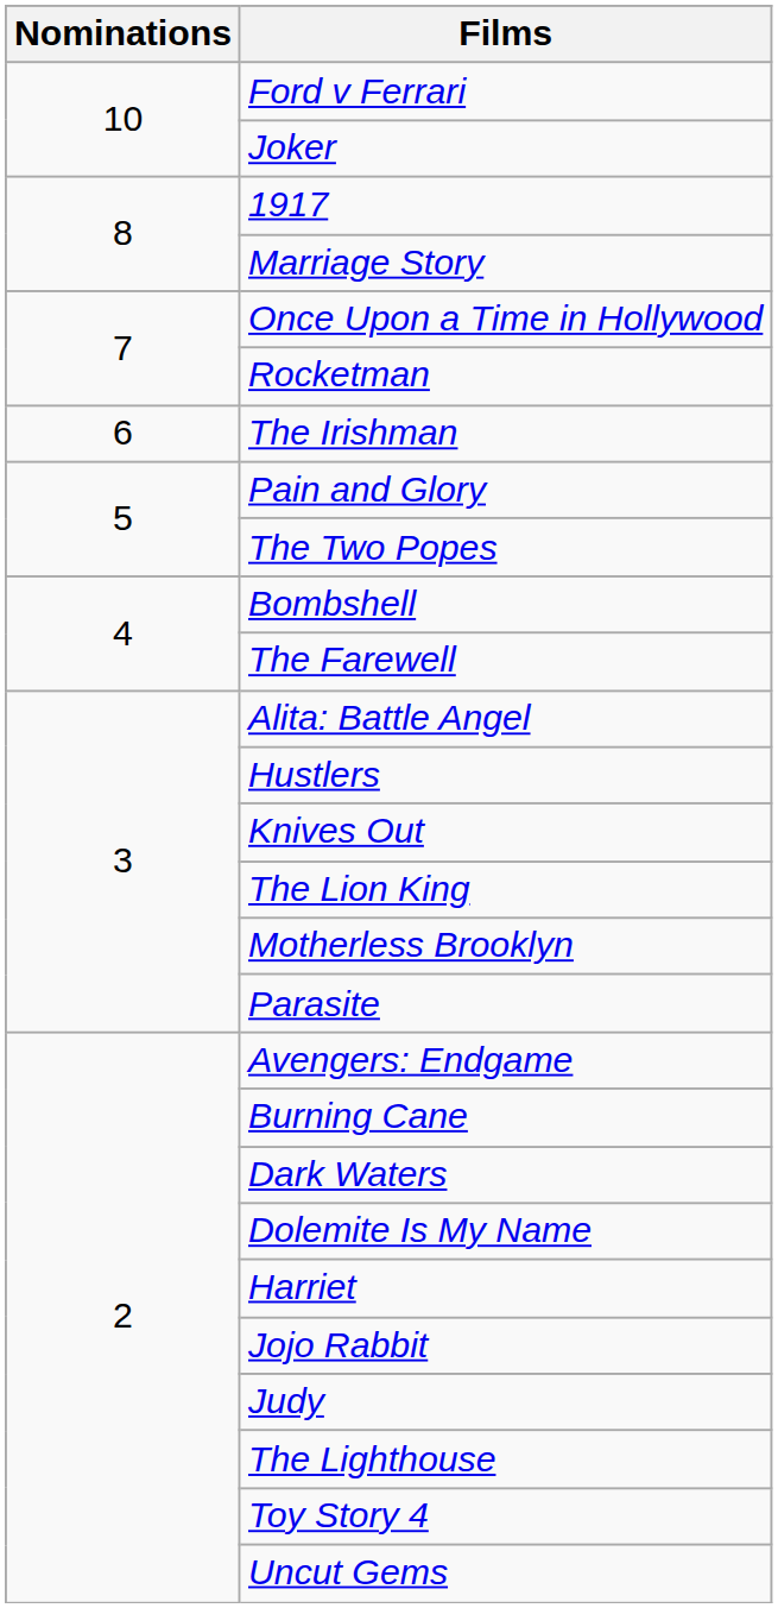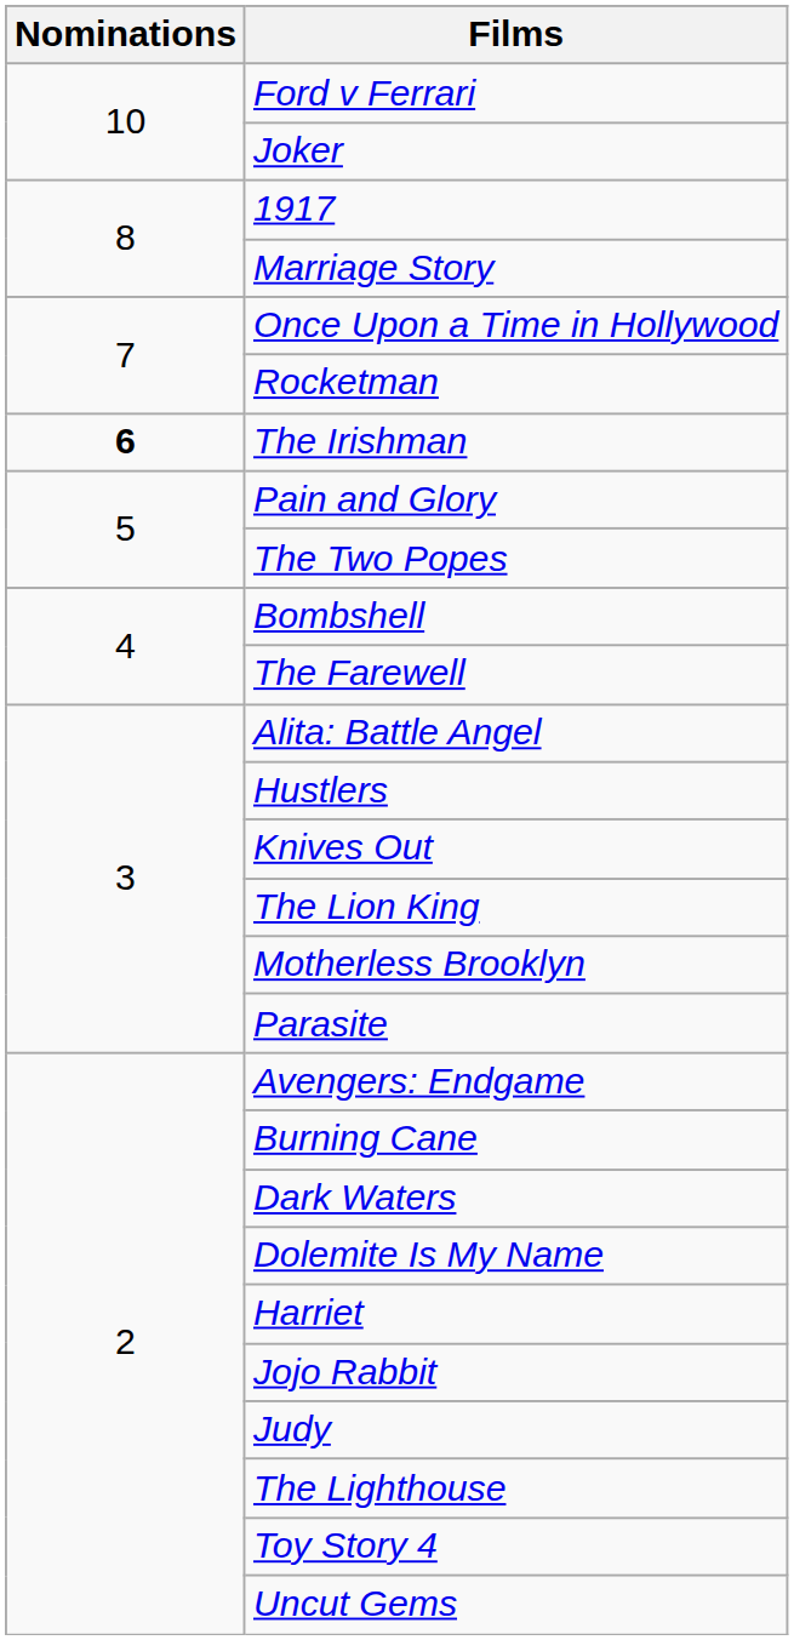 <table class="wikitable">
 <tr>
 <th>Nominations</th>
 <th>Films</th>
 </tr>
 <tr>
 <td rowspan="2" style="text-align:center">10</td>
 <td><em><a href='#'>Ford v Ferrari</a></em></td>
 </tr>
 <tr>
 <td><em><a href='#'>Joker</a></em></td>
 </tr>
 <tr>
 <td rowspan="2" style="text-align:center">8</td>
 <td><em><a href='#'>1917</a></em></td>
 </tr>
 <tr>
 <td><em><a href='#'>Marriage Story</a></em></td>
 </tr>
 <tr>
 <td rowspan="2" style="text-align:center">7</td>
 <td><em><a href='#'>Once Upon a Time in Hollywood</a></em></td>
 </tr>
 <tr>
 <td><em><a href='#'>Rocketman</a></em></td>
 </tr>
 <tr>
-<td style="text-align:center">6</td>
+<td style="text-align:center"><strong>6</strong></td>
 <td><em><a href='#'>The Irishman</a></em></td>
 </tr>
 <tr>
 <td rowspan="2" style="text-align:center">5</td>
 <td><em><a href='#'>Pain and Glory</a></em></td>
 </tr>
 <tr>
 <td><em><a href='#'>The Two Popes</a></em></td>
 </tr>
 <tr>
 <td rowspan="2" style="text-align:center">4</td>
 <td><em><a href='#'>Bombshell</a></em></td>
 </tr>
 <tr>
 <td><em><a href='#'>The Farewell</a></em></td>
 </tr>
 <tr>
 <td rowspan="6" style="text-align:center">3</td>
 <td><em><a href='#'>Alita: Battle Angel</a></em></td>
 </tr>
 <tr>
 <td><em><a href='#'>Hustlers</a></em></td>
 </tr>
 <tr>
 <td><em><a href='#'>Knives Out</a></em></td>
 </tr>
 <tr>
 <td><em><a href='#'>The Lion King</a></em></td>
 </tr>
 <tr>
 <td><em><a href='#'>Motherless Brooklyn</a></em></td>
 </tr>
 <tr>
 <td><em><a href='#'>Parasite</a></em></td>
 </tr>
 <tr>
 <td rowspan="10" style="text-align:center">2</td>
 <td><em><a href='#'>Avengers: Endgame</a></em></td>
 </tr>
 <tr>
 <td><em><a href='#'>Burning Cane</a></em></td>
 </tr>
 <tr>
 <td><em><a href='#'>Dark Waters</a></em></td>
 </tr>
 <tr>
 <td><em><a href='#'>Dolemite Is My Name</a></em></td>
 </tr>
 <tr>
 <td><em><a href='#'>Harriet</a></em></td>
 </tr>
 <tr>
 <td><em><a href='#'>Jojo Rabbit</a></em></td>
 </tr>
 <tr>
 <td><em><a href='#'>Judy</a></em></td>
 </tr>
 <tr>
 <td><em><a href='#'>The Lighthouse</a></em></td>
 </tr>
 <tr>
 <td><em><a href='#'>Toy Story 4</a></em></td>
 </tr>
 <tr>
 <td><em><a href='#'>Uncut Gems</a></em></td>
 </tr>
 </table>
